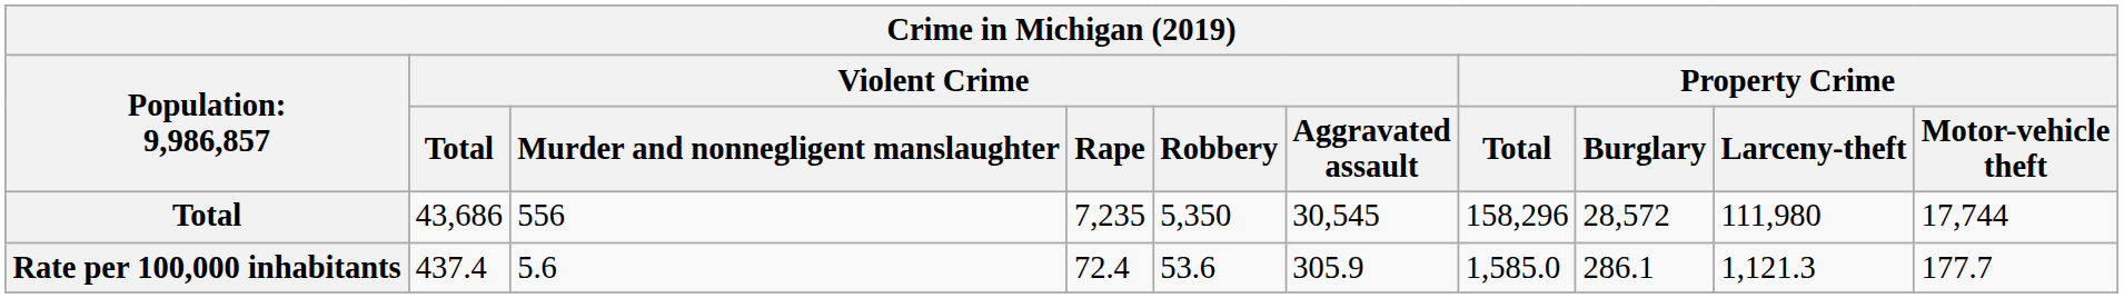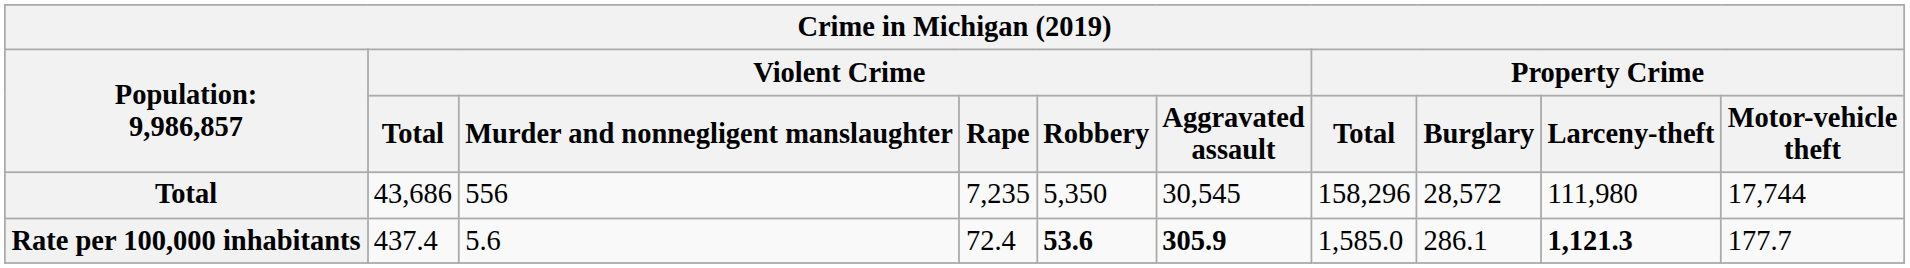 <table class="wikitable">
 <tr>
 <th colspan="10">Crime in Michigan (2019)</th>
 </tr>
 <tr>
 <th rowspan="2">Population:<br>9,986,857</th>
 <th colspan="5">Violent Crime</th>
 <th colspan="4">Property Crime</th>
 </tr>
 <tr>
 <th>Total</th>
 <th>Murder and nonnegligent manslaughter</th>
 <th>Rape</th>
 <th>Robbery</th>
 <th>Aggravated<br>assault</th>
 <th>Total</th>
 <th>Burglary</th>
 <th>Larceny-theft</th>
 <th>Motor-vehicle<br>theft</th>
 </tr>
 <tr>
 <th>Total</th>
 <td>43,686</td>
 <td>556</td>
 <td>7,235</td>
 <td>5,350</td>
 <td>30,545</td>
 <td>158,296</td>
 <td>28,572</td>
 <td>111,980</td>
 <td>17,744</td>
 </tr>
 <tr>
 <th>Rate per 100,000 inhabitants</th>
 <td>437.4</td>
 <td>5.6</td>
 <td>72.4</td>
-<td>53.6</td>
-<td>305.9</td>
+<td><strong>53.6</strong></td>
+<td><strong>305.9</strong></td>
 <td>1,585.0</td>
 <td>286.1</td>
-<td>1,121.3</td>
+<td><strong>1,121.3</strong></td>
 <td>177.7</td>
 </tr>
 </table>
